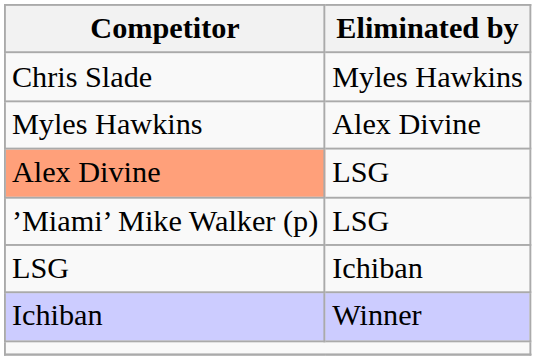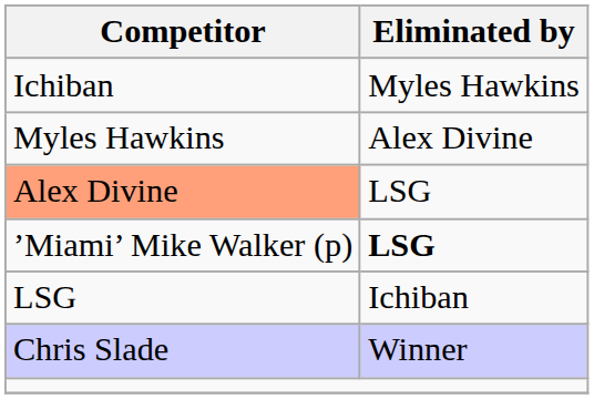 <table class="wikitable">
 <tr>
 <th>Competitor</th>
 <th>Eliminated by</th>
 </tr>
 <tr>
-<td>Chris Slade</td>
+<td>Ichiban</td>
 <td>Myles Hawkins</td>
 </tr>
 <tr>
 <td>Myles Hawkins</td>
 <td>Alex Divine</td>
 </tr>
 <tr>
 <td style="background: lightsalmon;">Alex Divine</td>
 <td>LSG</td>
 </tr>
 <tr>
 <td>’Miami’ Mike Walker (p)</td>
-<td>LSG</td>
+<td><strong>LSG</strong></td>
 </tr>
 <tr>
 <td>LSG</td>
 <td>Ichiban</td>
 </tr>
 <tr style="background: #CCCCFF;">
-<td>Ichiban</td>
+<td>Chris Slade</td>
 <td>Winner</td>
 </tr>
 <tr>
 <td colspan="2"></td>
 </tr>
 <tr>
 </tr>
 </table>
